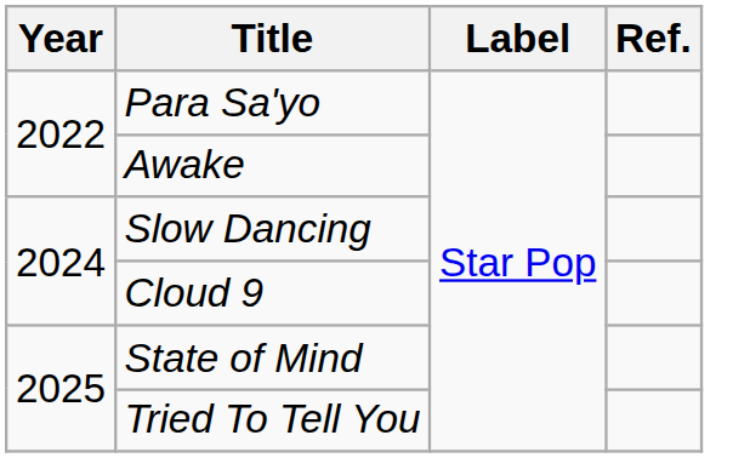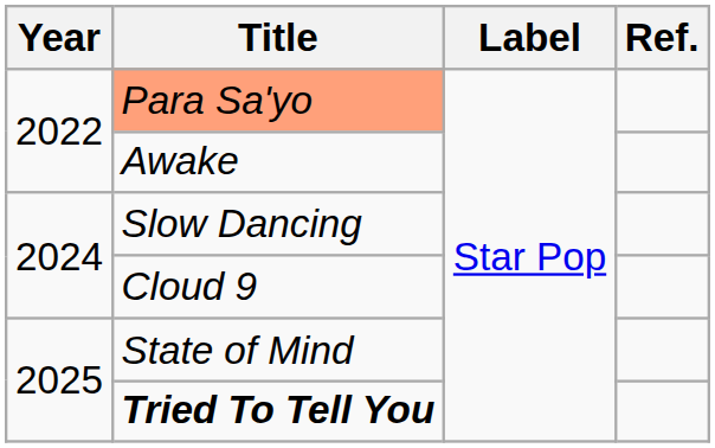 <table class="wikitable" style="font-size:90%">
 <tr>
 <th>Year</th>
 <th>Title</th>
 <th>Label</th>
 <th>Ref.</th>
 </tr>
 <tr>
 <td rowspan="2">2022</td>
-<td><em>Para Sa'yo</em></td>
+<td style="background: lightsalmon;"><em>Para Sa'yo</em></td>
 <td rowspan="6" align="center"><a href='#'>Star Pop</a></td>
 <td align="center"></td>
 </tr>
 <tr>
 <td><em>Awake</em></td>
 <td align="center"></td>
 </tr>
 <tr>
 <td rowspan=2>2024</td>
 <td><em>Slow Dancing</em></td>
 <td align="center"></td>
 </tr>
 <tr>
 <td><em>Cloud 9</em></td>
 <td align="center"></td>
 </tr>
 <tr>
 <td rowspan=2>2025</td>
 <td><em>State of Mind</em></td>
 <td align="center"></td>
 </tr>
 <tr>
-<td><em>Tried To Tell You</em></td>
+<td><strong><em>Tried To Tell You</em></strong></td>
 <td align="center"></td>
 </tr>
 </table>
